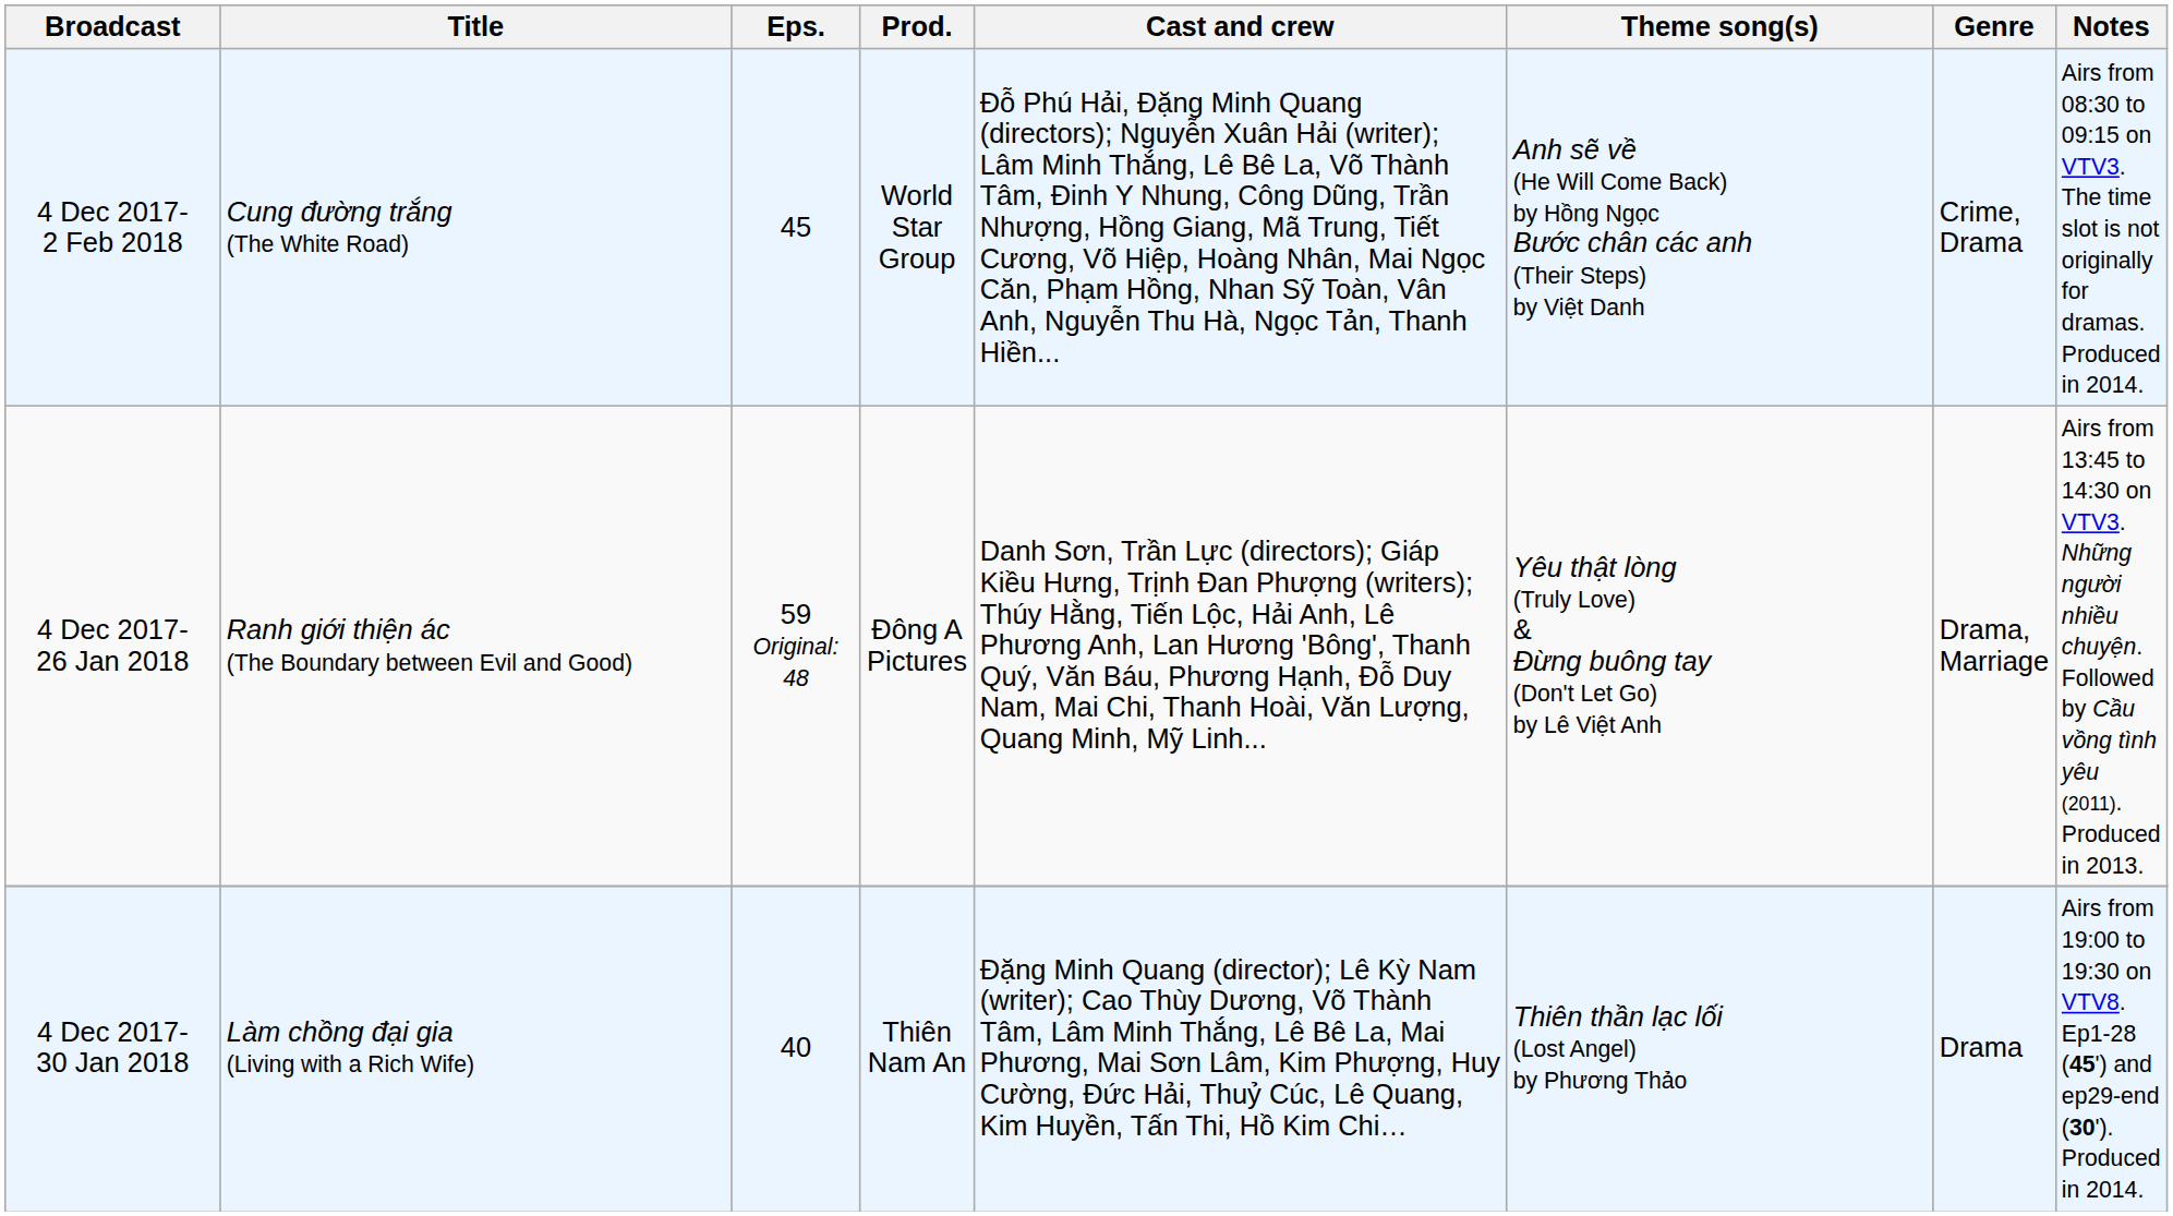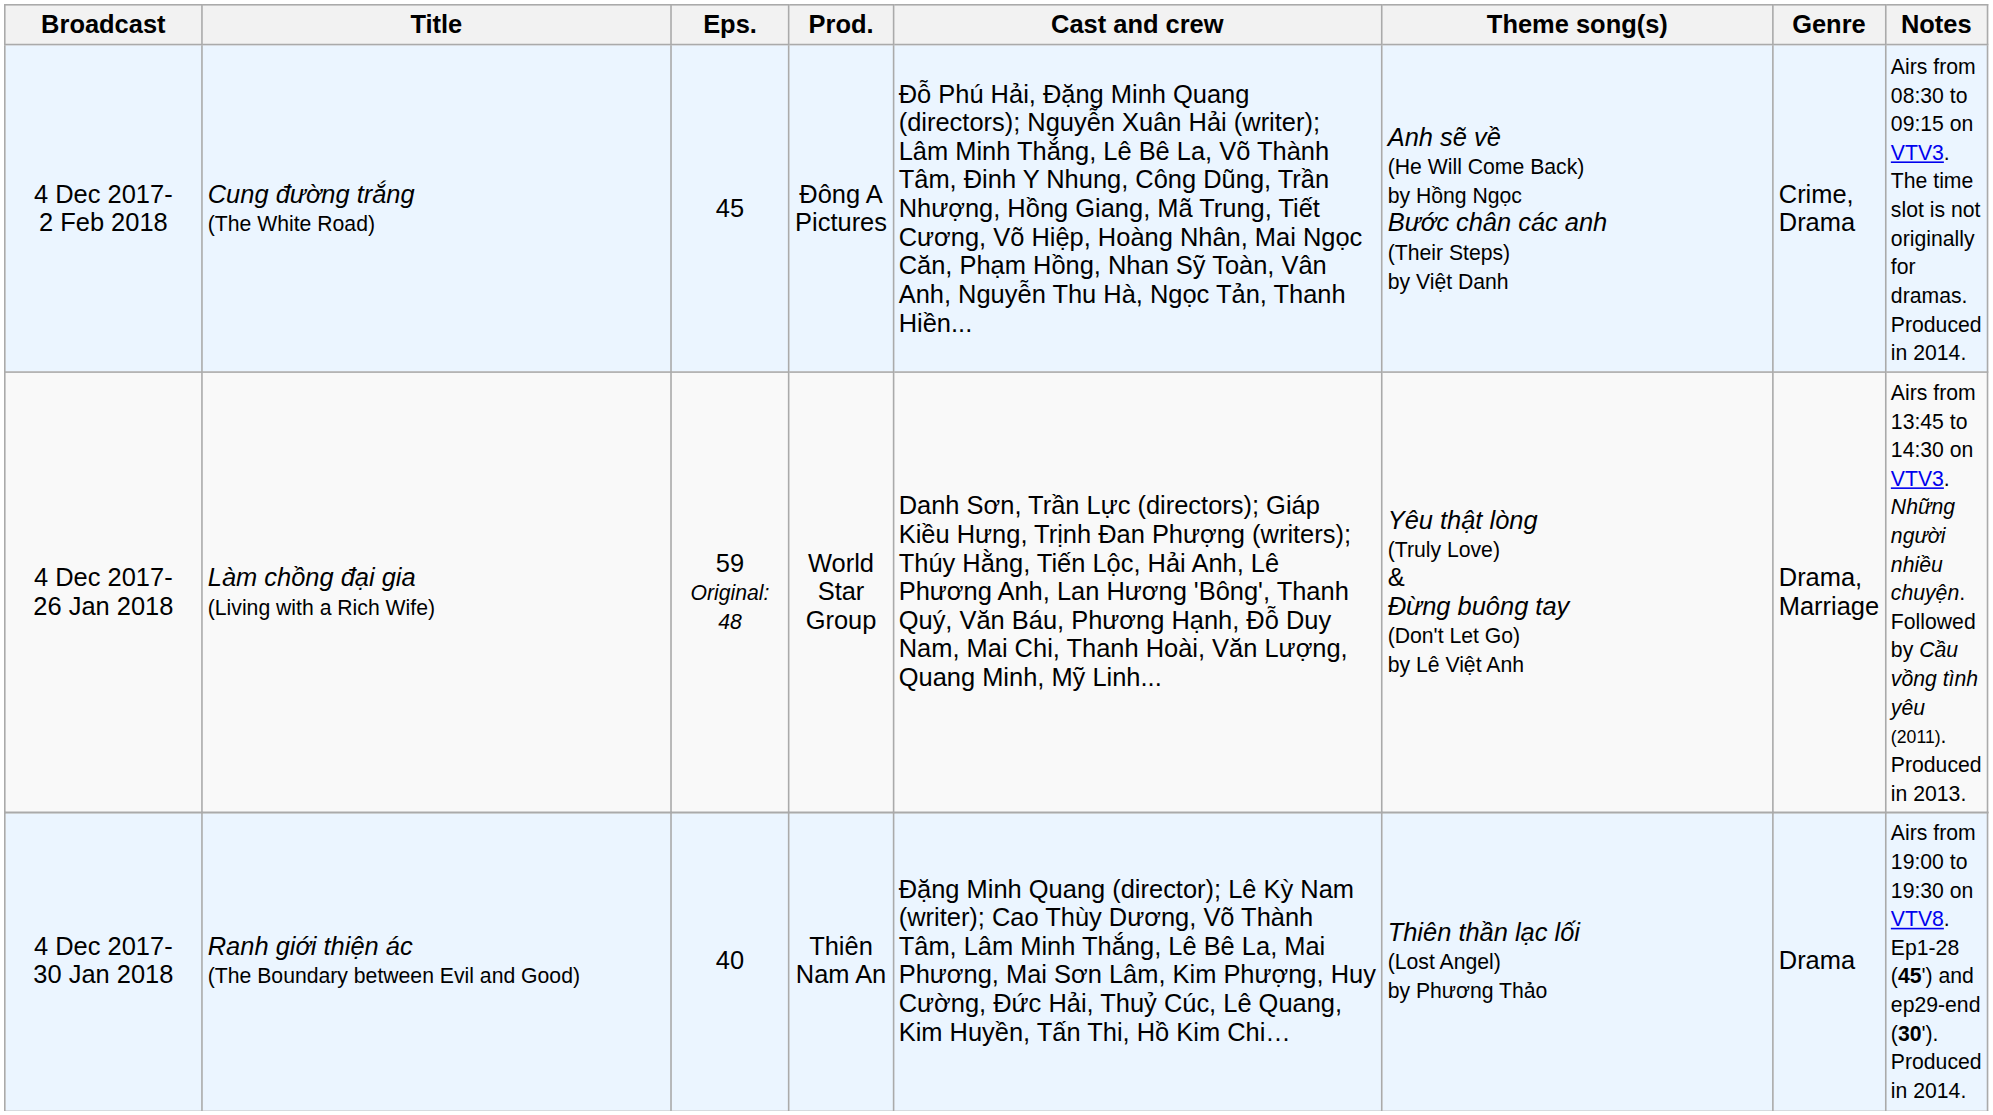 <table class="wikitable sortable">
 <tr>
 <th style="width:10%;">Broadcast</th>
 <th style="width:24%;">Title</th>
 <th style="width:6%;">Eps.</th>
 <th style="width:5%;">Prod.</th>
 <th style="width:25%;">Cast and crew</th>
 <th style="width:20%;">Theme song(s)</th>
 <th style="width:5%;">Genre</th>
 <th style="width:5%;">Notes</th>
 </tr>
 <tr ---- bgcolor="#ebf5ff">
 <td style="text-align:center;">4 Dec 2017-<br>2 Feb 2018<br></td>
 <td><em>Cung đường trắng</em> <br><small>(The White Road)</small></td>
 <td style="text-align:center;">45</td>
-<td style="text-align:center;">World Star Group</td>
+<td style="text-align:center;">Đông A Pictures</td>
 <td>Đỗ Phú Hải, Đặng Minh Quang (directors); Nguyễn Xuân Hải (writer); Lâm Minh Thắng, Lê Bê La, Võ Thành Tâm, Đinh Y Nhung, Công Dũng, Trần Nhượng, Hồng Giang, Mã Trung, Tiết Cương, Võ Hiệp, Hoàng Nhân, Mai Ngọc Căn, Phạm Hồng, Nhan Sỹ Toàn, Vân Anh, Nguyễn Thu Hà, Ngọc Tản, Thanh Hiền...</td>
 <td><em>Anh sẽ về</em><br><small>(He Will Come Back)<br>by Hồng Ngọc</small><br><em>Bước chân các anh</em><br><small>(Their Steps)<br>by Việt Danh</small></td>
 <td>Crime, Drama</td>
 <td><small>Airs from 08:30 to 09:15 on <a href='#'>VTV3</a>. The time slot is not originally for dramas.<br>Produced in 2014.</small></td>
 </tr>
 <tr>
 <td style="text-align:center;">4 Dec 2017-<br>26 Jan 2018<br></td>
-<td><em>Ranh giới thiện ác</em> <br><small>(The Boundary between Evil and Good)</small></td>
+<td><em>Làm chồng đại gia</em> <br><small>(Living with a Rich Wife)</small></td>
 <td style="text-align:center;">59<br><small><em>Original: 48</em></small></td>
-<td style="text-align:center;">Đông A Pictures</td>
+<td style="text-align:center;">World Star Group</td>
 <td>Danh Sơn, Trần Lực (directors); Giáp Kiều Hưng, Trịnh Đan Phượng (writers); Thúy Hằng, Tiến Lộc, Hải Anh, Lê Phương Anh, Lan Hương 'Bông', Thanh Quý, Văn Báu, Phương Hạnh, Đỗ Duy Nam, Mai Chi, Thanh Hoài, Văn Lượng, Quang Minh, Mỹ Linh...</td>
 <td><em>Yêu thật lòng</em><br><small>(Truly Love)</small><br>&<br><em>Đừng buông tay</em><br><small>(Don't Let Go)<br>by Lê Việt Anh</small></td>
 <td>Drama, Marriage</td>
 <td><small>Airs from 13:45 to 14:30 on <a href='#'>VTV3</a>.<br> <em>Những người nhiều chuyện</em>.<br>Followed by <em>Cầu vồng tình yêu</em> <small>(2011)</small>.<br>Produced in 2013.</small></td>
 </tr>
 <tr>
 </tr>
 <tr ---- bgcolor="#ebf5ff">
 <td style="text-align:center;">4 Dec 2017-<br>30 Jan 2018</td>
-<td><em>Làm chồng đại gia</em> <br><small>(Living with a Rich Wife)</small></td>
+<td><em>Ranh giới thiện ác</em> <br><small>(The Boundary between Evil and Good)</small></td>
 <td style="text-align:center;">40</td>
 <td style="text-align:center;">Thiên Nam An</td>
 <td>Đặng Minh Quang (director); Lê Kỳ Nam (writer); Cao Thùy Dương, Võ Thành Tâm, Lâm Minh Thắng, Lê Bê La, Mai Phương, Mai Sơn Lâm, Kim Phượng, Huy Cường, Đức Hải, Thuỷ Cúc, Lê Quang, Kim Huyền, Tấn Thi, Hồ Kim Chi…</td>
 <td><em>Thiên thần lạc lối</em><br><small>(Lost Angel)<br>by Phương Thảo</small></td>
 <td>Drama</td>
 <td><small>Airs from 19:00 to 19:30 on <a href='#'>VTV8</a>.<br>Ep1-28 (<strong>45</strong>') and ep29-end (<strong>30</strong>').<br>Produced in 2014.</small></td>
 </tr>
 </table>
